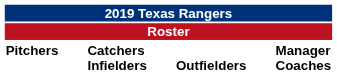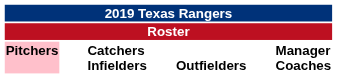 <table class="toccolours" style="font-size: 95%;">
 <tr>
 <th colspan="10" style="background:#003279; color:#fff; text-align:center;">2019 Texas Rangers</th>
 </tr>
 <tr>
 <td colspan="10" style="background:#bd1021; color:white; text-align:center;"><strong>Roster</strong></td>
 </tr>
 <tr>
-<td valign="top"><strong>Pitchers</strong><br>                                 </td>
+<td valign="top" style="background: pink;"><strong>Pitchers</strong><br>                                 </td>
 <td style="width:25px;"></td>
 <td valign="top"><strong>Catchers</strong><br>    <strong>Infielders</strong>        </td>
 <td width="25px"></td>
 <td valign="top"><br><strong>Outfielders</strong>       </td>
 <td style="width:25px;"></td>
 <td valign="top"><strong>Manager</strong><br> <strong>Coaches</strong>                  </td>
 </tr>
 </table>
